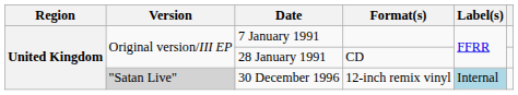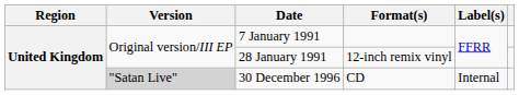 <table class="wikitable plainrowheaders">
 <tr>
 <th scope="col">Region</th>
 <th scope="col">Version</th>
 <th scope="col">Date</th>
 <th scope="col">Format(s)</th>
 <th scope="col">Label(s)</th>
 <th scope="col"></th>
 </tr>
 <tr>
 <th scope="row" rowspan="3">United Kingdom</th>
 <td rowspan="2">Original version/<em>III EP</em></td>
 <td>7 January 1991</td>
 <td></td>
 <td rowspan="2"><a href='#'>FFRR</a></td>
 <td></td>
 </tr>
 <tr>
 <td>28 January 1991</td>
-<td>CD</td>
+<td>12-inch remix vinyl</td>
 <td></td>
 </tr>
 <tr>
 <td style="background: lightgrey;">"Satan Live"</td>
 <td>30 December 1996</td>
-<td>12-inch remix vinyl</td>
-<td style="background: lightblue;">Internal</td>
+<td>CD</td>
+<td>Internal</td>
 <td></td>
 </tr>
 </table>
